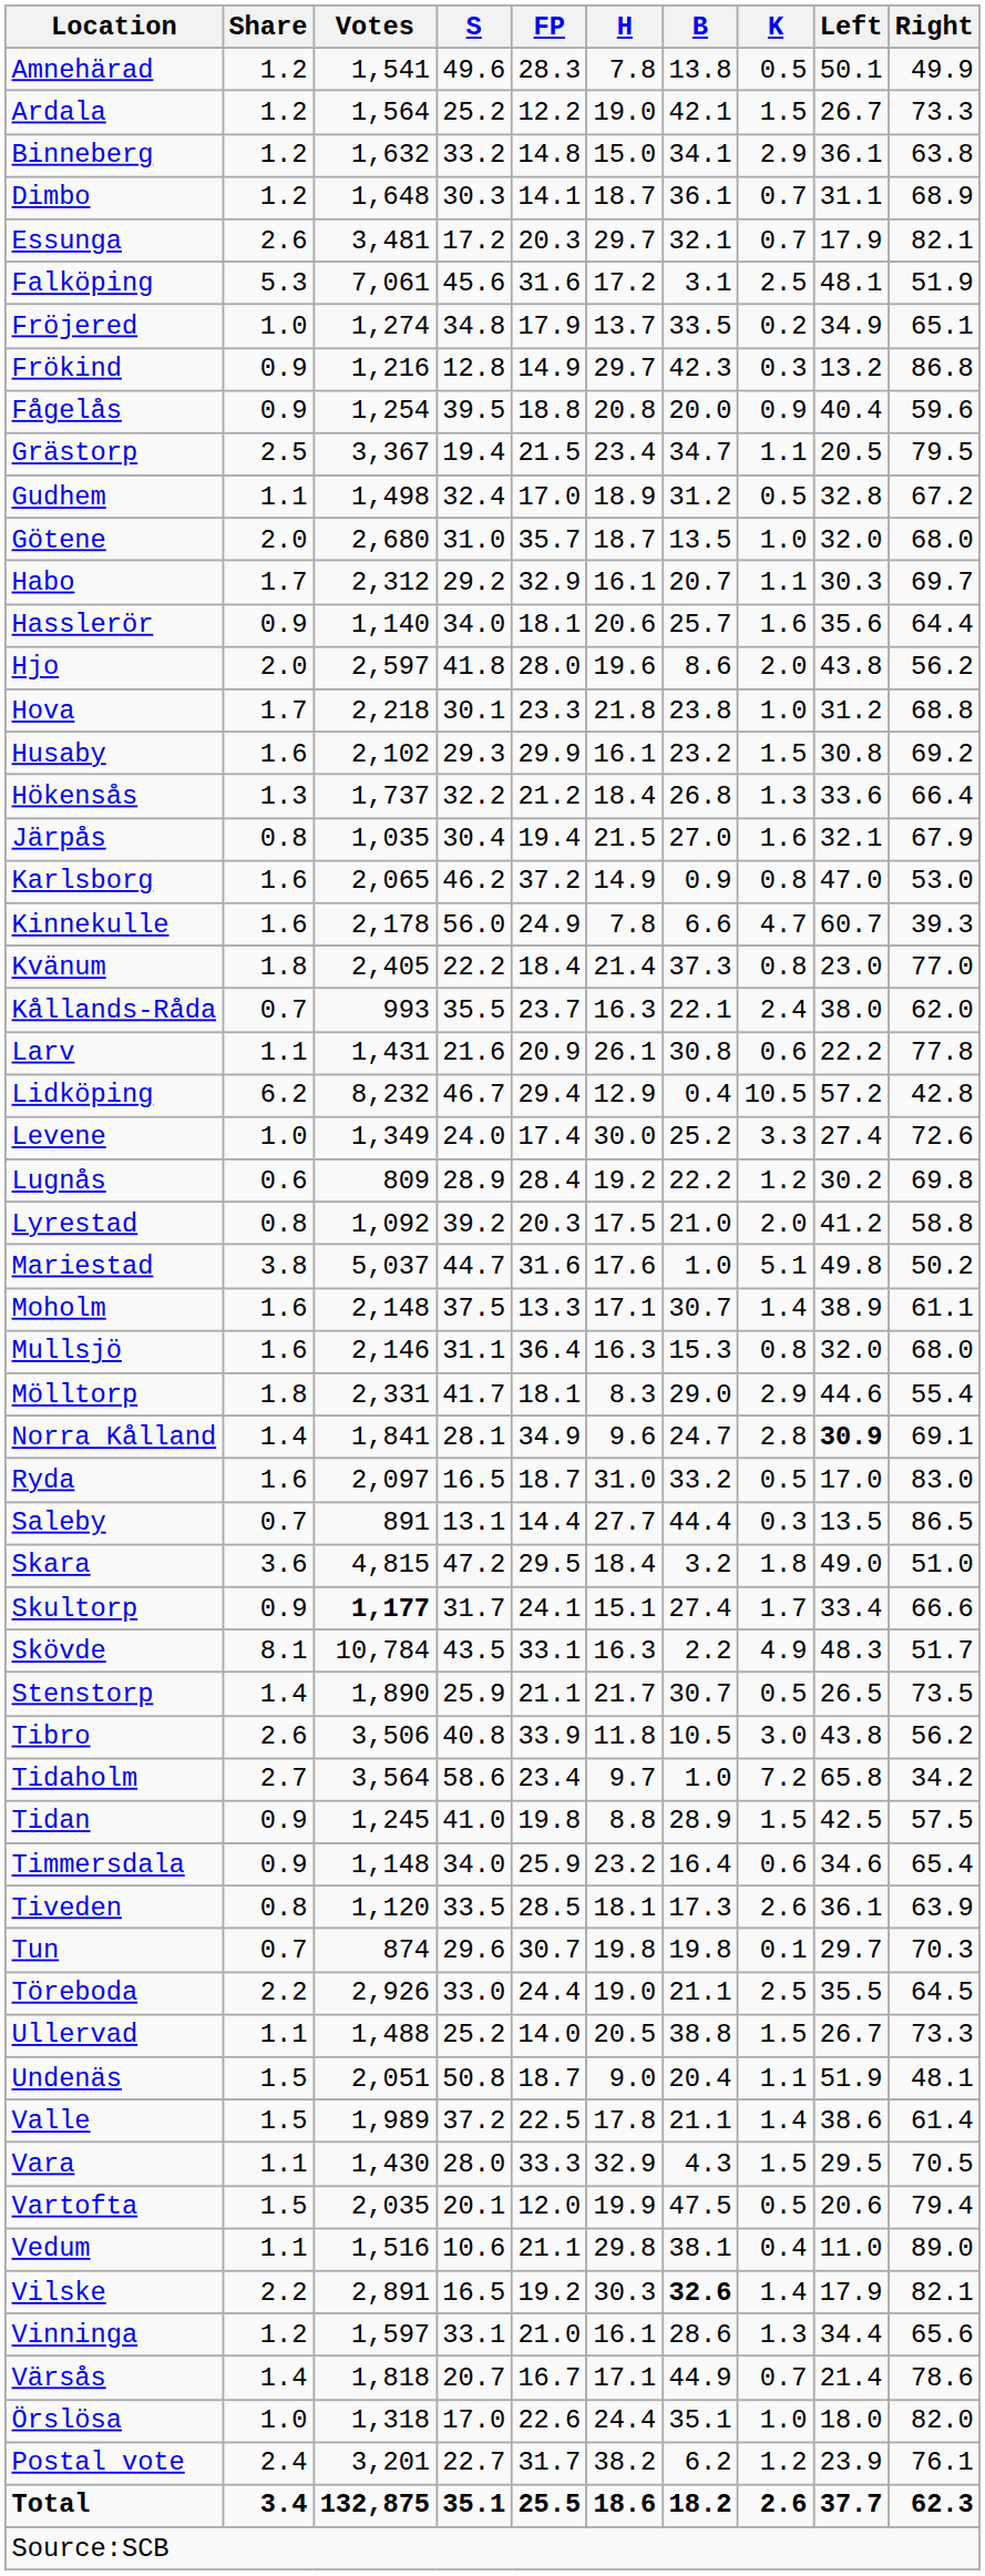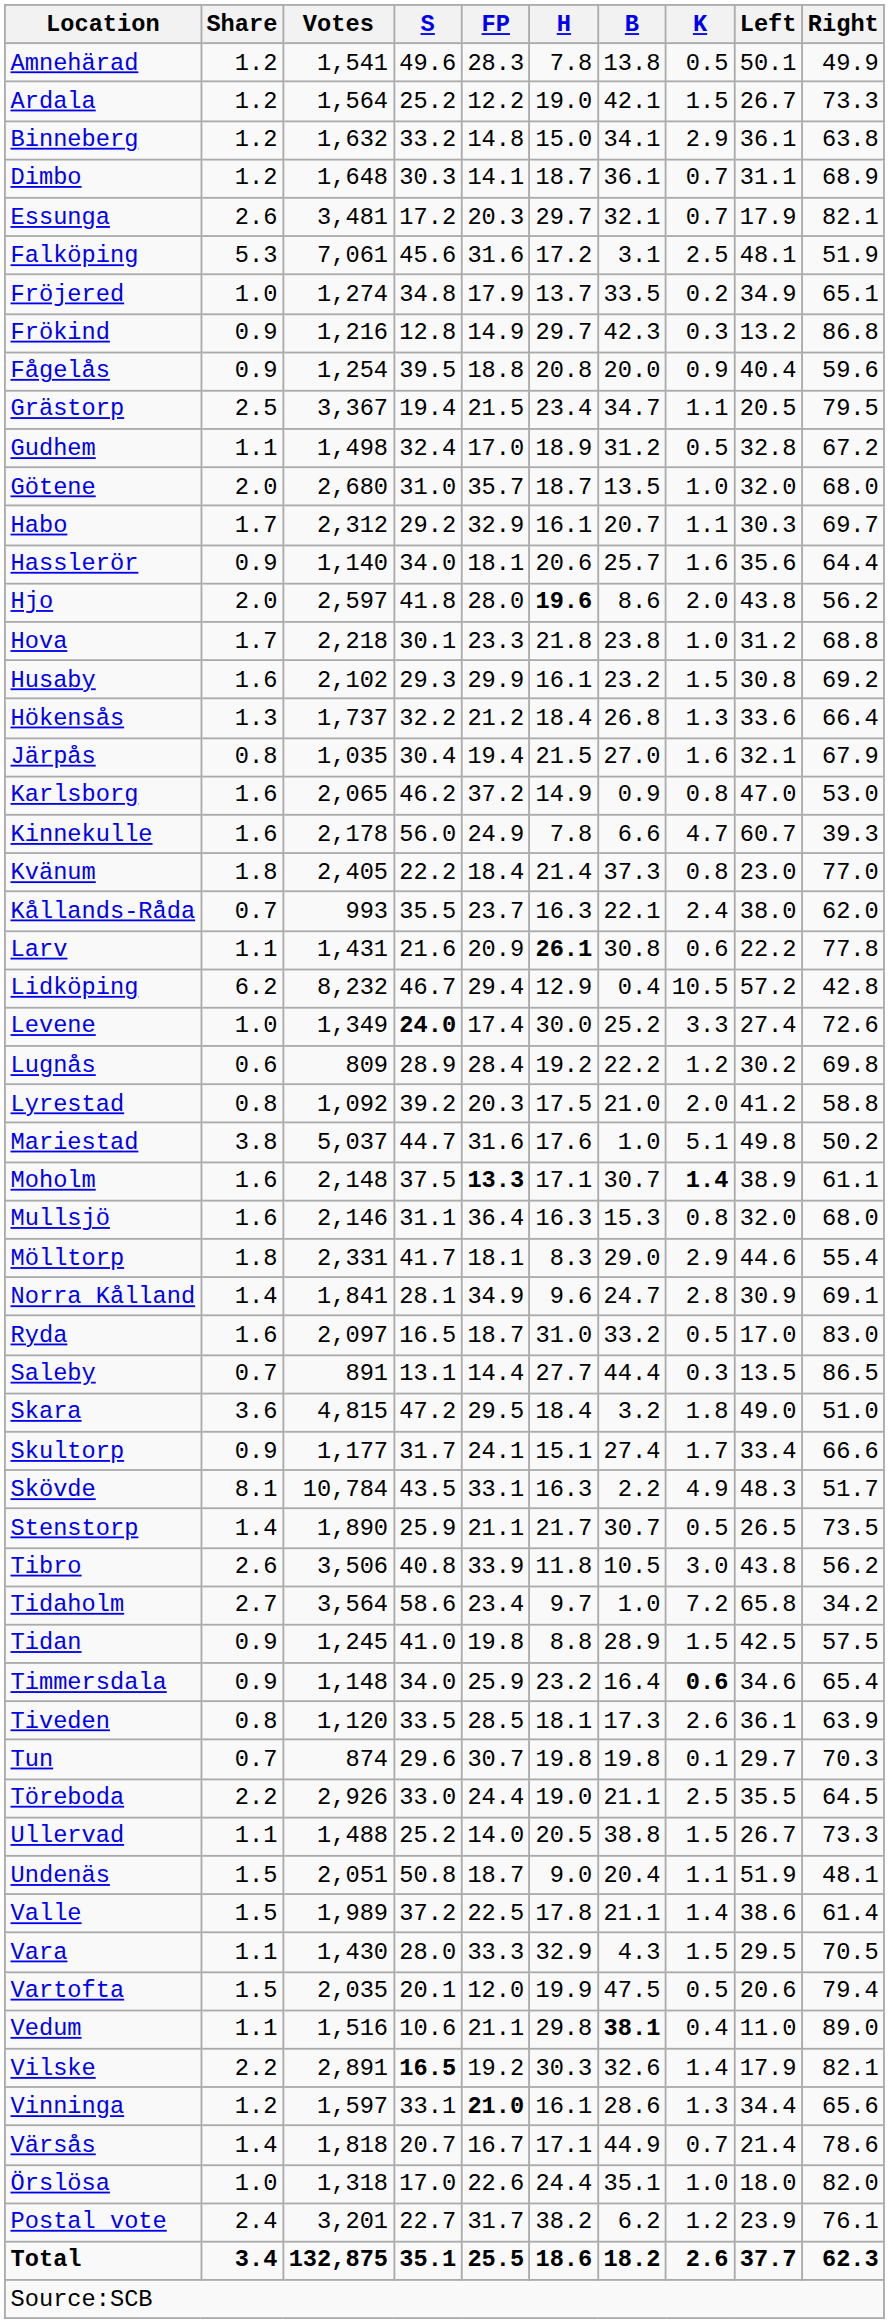 <table class="wikitable sortable" style=text-align:right>
 <tr>
 <th>Location</th>
 <th>Share</th>
 <th>Votes</th>
 <th><a href='#'>S</a></th>
 <th><a href='#'>FP</a></th>
 <th><a href='#'>H</a></th>
 <th><a href='#'>B</a></th>
 <th><a href='#'>K</a></th>
 <th>Left</th>
 <th>Right</th>
 </tr>
 <tr>
 <td align=left><a href='#'>Amnehärad</a></td>
 <td>1.2</td>
 <td>1,541</td>
 <td>49.6</td>
 <td>28.3</td>
 <td>7.8</td>
 <td>13.8</td>
 <td>0.5</td>
 <td>50.1</td>
 <td>49.9</td>
 </tr>
 <tr>
 <td align=left><a href='#'>Ardala</a></td>
 <td>1.2</td>
 <td>1,564</td>
 <td>25.2</td>
 <td>12.2</td>
 <td>19.0</td>
 <td>42.1</td>
 <td>1.5</td>
 <td>26.7</td>
 <td>73.3</td>
 </tr>
 <tr>
 <td align=left><a href='#'>Binneberg</a></td>
 <td>1.2</td>
 <td>1,632</td>
 <td>33.2</td>
 <td>14.8</td>
 <td>15.0</td>
 <td>34.1</td>
 <td>2.9</td>
 <td>36.1</td>
 <td>63.8</td>
 </tr>
 <tr>
 <td align=left><a href='#'>Dimbo</a></td>
 <td>1.2</td>
 <td>1,648</td>
 <td>30.3</td>
 <td>14.1</td>
 <td>18.7</td>
 <td>36.1</td>
 <td>0.7</td>
 <td>31.1</td>
 <td>68.9</td>
 </tr>
 <tr>
 <td align=left><a href='#'>Essunga</a></td>
 <td>2.6</td>
 <td>3,481</td>
 <td>17.2</td>
 <td>20.3</td>
 <td>29.7</td>
 <td>32.1</td>
 <td>0.7</td>
 <td>17.9</td>
 <td>82.1</td>
 </tr>
 <tr>
 <td align=left><a href='#'>Falköping</a></td>
 <td>5.3</td>
 <td>7,061</td>
 <td>45.6</td>
 <td>31.6</td>
 <td>17.2</td>
 <td>3.1</td>
 <td>2.5</td>
 <td>48.1</td>
 <td>51.9</td>
 </tr>
 <tr>
 <td align=left><a href='#'>Fröjered</a></td>
 <td>1.0</td>
 <td>1,274</td>
 <td>34.8</td>
 <td>17.9</td>
 <td>13.7</td>
 <td>33.5</td>
 <td>0.2</td>
 <td>34.9</td>
 <td>65.1</td>
 </tr>
 <tr>
 <td align=left><a href='#'>Frökind</a></td>
 <td>0.9</td>
 <td>1,216</td>
 <td>12.8</td>
 <td>14.9</td>
 <td>29.7</td>
 <td>42.3</td>
 <td>0.3</td>
 <td>13.2</td>
 <td>86.8</td>
 </tr>
 <tr>
 <td align=left><a href='#'>Fågelås</a></td>
 <td>0.9</td>
 <td>1,254</td>
 <td>39.5</td>
 <td>18.8</td>
 <td>20.8</td>
 <td>20.0</td>
 <td>0.9</td>
 <td>40.4</td>
 <td>59.6</td>
 </tr>
 <tr>
 <td align=left><a href='#'>Grästorp</a></td>
 <td>2.5</td>
 <td>3,367</td>
 <td>19.4</td>
 <td>21.5</td>
 <td>23.4</td>
 <td>34.7</td>
 <td>1.1</td>
 <td>20.5</td>
 <td>79.5</td>
 </tr>
 <tr>
 <td align=left><a href='#'>Gudhem</a></td>
 <td>1.1</td>
 <td>1,498</td>
 <td>32.4</td>
 <td>17.0</td>
 <td>18.9</td>
 <td>31.2</td>
 <td>0.5</td>
 <td>32.8</td>
 <td>67.2</td>
 </tr>
 <tr>
 <td align=left><a href='#'>Götene</a></td>
 <td>2.0</td>
 <td>2,680</td>
 <td>31.0</td>
 <td>35.7</td>
 <td>18.7</td>
 <td>13.5</td>
 <td>1.0</td>
 <td>32.0</td>
 <td>68.0</td>
 </tr>
 <tr>
 <td align=left><a href='#'>Habo</a></td>
 <td>1.7</td>
 <td>2,312</td>
 <td>29.2</td>
 <td>32.9</td>
 <td>16.1</td>
 <td>20.7</td>
 <td>1.1</td>
 <td>30.3</td>
 <td>69.7</td>
 </tr>
 <tr>
 <td align=left><a href='#'>Hasslerör</a></td>
 <td>0.9</td>
 <td>1,140</td>
 <td>34.0</td>
 <td>18.1</td>
 <td>20.6</td>
 <td>25.7</td>
 <td>1.6</td>
 <td>35.6</td>
 <td>64.4</td>
 </tr>
 <tr>
 <td align=left><a href='#'>Hjo</a></td>
 <td>2.0</td>
 <td>2,597</td>
 <td>41.8</td>
 <td>28.0</td>
-<td>19.6</td>
+<td><strong>19.6</strong></td>
 <td>8.6</td>
 <td>2.0</td>
 <td>43.8</td>
 <td>56.2</td>
 </tr>
 <tr>
 <td align=left><a href='#'>Hova</a></td>
 <td>1.7</td>
 <td>2,218</td>
 <td>30.1</td>
 <td>23.3</td>
 <td>21.8</td>
 <td>23.8</td>
 <td>1.0</td>
 <td>31.2</td>
 <td>68.8</td>
 </tr>
 <tr>
 <td align=left><a href='#'>Husaby</a></td>
 <td>1.6</td>
 <td>2,102</td>
 <td>29.3</td>
 <td>29.9</td>
 <td>16.1</td>
 <td>23.2</td>
 <td>1.5</td>
 <td>30.8</td>
 <td>69.2</td>
 </tr>
 <tr>
 <td align=left><a href='#'>Hökensås</a></td>
 <td>1.3</td>
 <td>1,737</td>
 <td>32.2</td>
 <td>21.2</td>
 <td>18.4</td>
 <td>26.8</td>
 <td>1.3</td>
 <td>33.6</td>
 <td>66.4</td>
 </tr>
 <tr>
 <td align=left><a href='#'>Järpås</a></td>
 <td>0.8</td>
 <td>1,035</td>
 <td>30.4</td>
 <td>19.4</td>
 <td>21.5</td>
 <td>27.0</td>
 <td>1.6</td>
 <td>32.1</td>
 <td>67.9</td>
 </tr>
 <tr>
 <td align=left><a href='#'>Karlsborg</a></td>
 <td>1.6</td>
 <td>2,065</td>
 <td>46.2</td>
 <td>37.2</td>
 <td>14.9</td>
 <td>0.9</td>
 <td>0.8</td>
 <td>47.0</td>
 <td>53.0</td>
 </tr>
 <tr>
 <td align=left><a href='#'>Kinnekulle</a></td>
 <td>1.6</td>
 <td>2,178</td>
 <td>56.0</td>
 <td>24.9</td>
 <td>7.8</td>
 <td>6.6</td>
 <td>4.7</td>
 <td>60.7</td>
 <td>39.3</td>
 </tr>
 <tr>
 <td align=left><a href='#'>Kvänum</a></td>
 <td>1.8</td>
 <td>2,405</td>
 <td>22.2</td>
 <td>18.4</td>
 <td>21.4</td>
 <td>37.3</td>
 <td>0.8</td>
 <td>23.0</td>
 <td>77.0</td>
 </tr>
 <tr>
 <td align=left><a href='#'>Kållands-Råda</a></td>
 <td>0.7</td>
 <td>993</td>
 <td>35.5</td>
 <td>23.7</td>
 <td>16.3</td>
 <td>22.1</td>
 <td>2.4</td>
 <td>38.0</td>
 <td>62.0</td>
 </tr>
 <tr>
 <td align=left><a href='#'>Larv</a></td>
 <td>1.1</td>
 <td>1,431</td>
 <td>21.6</td>
 <td>20.9</td>
-<td>26.1</td>
+<td><strong>26.1</strong></td>
 <td>30.8</td>
 <td>0.6</td>
 <td>22.2</td>
 <td>77.8</td>
 </tr>
 <tr>
 <td align=left><a href='#'>Lidköping</a></td>
 <td>6.2</td>
 <td>8,232</td>
 <td>46.7</td>
 <td>29.4</td>
 <td>12.9</td>
 <td>0.4</td>
 <td>10.5</td>
 <td>57.2</td>
 <td>42.8</td>
 </tr>
 <tr>
 <td align=left><a href='#'>Levene</a></td>
 <td>1.0</td>
 <td>1,349</td>
-<td>24.0</td>
+<td><strong>24.0</strong></td>
 <td>17.4</td>
 <td>30.0</td>
 <td>25.2</td>
 <td>3.3</td>
 <td>27.4</td>
 <td>72.6</td>
 </tr>
 <tr>
 <td align=left><a href='#'>Lugnås</a></td>
 <td>0.6</td>
 <td>809</td>
 <td>28.9</td>
 <td>28.4</td>
 <td>19.2</td>
 <td>22.2</td>
 <td>1.2</td>
 <td>30.2</td>
 <td>69.8</td>
 </tr>
 <tr>
 <td align=left><a href='#'>Lyrestad</a></td>
 <td>0.8</td>
 <td>1,092</td>
 <td>39.2</td>
 <td>20.3</td>
 <td>17.5</td>
 <td>21.0</td>
 <td>2.0</td>
 <td>41.2</td>
 <td>58.8</td>
 </tr>
 <tr>
 <td align=left><a href='#'>Mariestad</a></td>
 <td>3.8</td>
 <td>5,037</td>
 <td>44.7</td>
 <td>31.6</td>
 <td>17.6</td>
 <td>1.0</td>
 <td>5.1</td>
 <td>49.8</td>
 <td>50.2</td>
 </tr>
 <tr>
 <td align=left><a href='#'>Moholm</a></td>
 <td>1.6</td>
 <td>2,148</td>
 <td>37.5</td>
-<td>13.3</td>
+<td><strong>13.3</strong></td>
 <td>17.1</td>
 <td>30.7</td>
-<td>1.4</td>
+<td><strong>1.4</strong></td>
 <td>38.9</td>
 <td>61.1</td>
 </tr>
 <tr>
 <td align=left><a href='#'>Mullsjö</a></td>
 <td>1.6</td>
 <td>2,146</td>
 <td>31.1</td>
 <td>36.4</td>
 <td>16.3</td>
 <td>15.3</td>
 <td>0.8</td>
 <td>32.0</td>
 <td>68.0</td>
 </tr>
 <tr>
 <td align=left><a href='#'>Mölltorp</a></td>
 <td>1.8</td>
 <td>2,331</td>
 <td>41.7</td>
 <td>18.1</td>
 <td>8.3</td>
 <td>29.0</td>
 <td>2.9</td>
 <td>44.6</td>
 <td>55.4</td>
 </tr>
 <tr>
 <td align=left><a href='#'>Norra Kålland</a></td>
 <td>1.4</td>
 <td>1,841</td>
 <td>28.1</td>
 <td>34.9</td>
 <td>9.6</td>
 <td>24.7</td>
 <td>2.8</td>
-<td><strong>30.9</strong></td>
+<td>30.9</td>
 <td>69.1</td>
 </tr>
 <tr>
 <td align=left><a href='#'>Ryda</a></td>
 <td>1.6</td>
 <td>2,097</td>
 <td>16.5</td>
 <td>18.7</td>
 <td>31.0</td>
 <td>33.2</td>
 <td>0.5</td>
 <td>17.0</td>
 <td>83.0</td>
 </tr>
 <tr>
 <td align=left><a href='#'>Saleby</a></td>
 <td>0.7</td>
 <td>891</td>
 <td>13.1</td>
 <td>14.4</td>
 <td>27.7</td>
 <td>44.4</td>
 <td>0.3</td>
 <td>13.5</td>
 <td>86.5</td>
 </tr>
 <tr>
 <td align=left><a href='#'>Skara</a></td>
 <td>3.6</td>
 <td>4,815</td>
 <td>47.2</td>
 <td>29.5</td>
 <td>18.4</td>
 <td>3.2</td>
 <td>1.8</td>
 <td>49.0</td>
 <td>51.0</td>
 </tr>
 <tr>
 <td align=left><a href='#'>Skultorp</a></td>
 <td>0.9</td>
-<td><strong>1,177</strong></td>
+<td>1,177</td>
 <td>31.7</td>
 <td>24.1</td>
 <td>15.1</td>
 <td>27.4</td>
 <td>1.7</td>
 <td>33.4</td>
 <td>66.6</td>
 </tr>
 <tr>
 <td align=left><a href='#'>Skövde</a></td>
 <td>8.1</td>
 <td>10,784</td>
 <td>43.5</td>
 <td>33.1</td>
 <td>16.3</td>
 <td>2.2</td>
 <td>4.9</td>
 <td>48.3</td>
 <td>51.7</td>
 </tr>
 <tr>
 <td align=left><a href='#'>Stenstorp</a></td>
 <td>1.4</td>
 <td>1,890</td>
 <td>25.9</td>
 <td>21.1</td>
 <td>21.7</td>
 <td>30.7</td>
 <td>0.5</td>
 <td>26.5</td>
 <td>73.5</td>
 </tr>
 <tr>
 <td align=left><a href='#'>Tibro</a></td>
 <td>2.6</td>
 <td>3,506</td>
 <td>40.8</td>
 <td>33.9</td>
 <td>11.8</td>
 <td>10.5</td>
 <td>3.0</td>
 <td>43.8</td>
 <td>56.2</td>
 </tr>
 <tr>
 <td align=left><a href='#'>Tidaholm</a></td>
 <td>2.7</td>
 <td>3,564</td>
 <td>58.6</td>
 <td>23.4</td>
 <td>9.7</td>
 <td>1.0</td>
 <td>7.2</td>
 <td>65.8</td>
 <td>34.2</td>
 </tr>
 <tr>
 <td align=left><a href='#'>Tidan</a></td>
 <td>0.9</td>
 <td>1,245</td>
 <td>41.0</td>
 <td>19.8</td>
 <td>8.8</td>
 <td>28.9</td>
 <td>1.5</td>
 <td>42.5</td>
 <td>57.5</td>
 </tr>
 <tr>
 <td align=left><a href='#'>Timmersdala</a></td>
 <td>0.9</td>
 <td>1,148</td>
 <td>34.0</td>
 <td>25.9</td>
 <td>23.2</td>
 <td>16.4</td>
-<td>0.6</td>
+<td><strong>0.6</strong></td>
 <td>34.6</td>
 <td>65.4</td>
 </tr>
 <tr>
 <td align=left><a href='#'>Tiveden</a></td>
 <td>0.8</td>
 <td>1,120</td>
 <td>33.5</td>
 <td>28.5</td>
 <td>18.1</td>
 <td>17.3</td>
 <td>2.6</td>
 <td>36.1</td>
 <td>63.9</td>
 </tr>
 <tr>
 <td align=left><a href='#'>Tun</a></td>
 <td>0.7</td>
 <td>874</td>
 <td>29.6</td>
 <td>30.7</td>
 <td>19.8</td>
 <td>19.8</td>
 <td>0.1</td>
 <td>29.7</td>
 <td>70.3</td>
 </tr>
 <tr>
 <td align=left><a href='#'>Töreboda</a></td>
 <td>2.2</td>
 <td>2,926</td>
 <td>33.0</td>
 <td>24.4</td>
 <td>19.0</td>
 <td>21.1</td>
 <td>2.5</td>
 <td>35.5</td>
 <td>64.5</td>
 </tr>
 <tr>
 <td align=left><a href='#'>Ullervad</a></td>
 <td>1.1</td>
 <td>1,488</td>
 <td>25.2</td>
 <td>14.0</td>
 <td>20.5</td>
 <td>38.8</td>
 <td>1.5</td>
 <td>26.7</td>
 <td>73.3</td>
 </tr>
 <tr>
 <td align=left><a href='#'>Undenäs</a></td>
 <td>1.5</td>
 <td>2,051</td>
 <td>50.8</td>
 <td>18.7</td>
 <td>9.0</td>
 <td>20.4</td>
 <td>1.1</td>
 <td>51.9</td>
 <td>48.1</td>
 </tr>
 <tr>
 <td align=left><a href='#'>Valle</a></td>
 <td>1.5</td>
 <td>1,989</td>
 <td>37.2</td>
 <td>22.5</td>
 <td>17.8</td>
 <td>21.1</td>
 <td>1.4</td>
 <td>38.6</td>
 <td>61.4</td>
 </tr>
 <tr>
 <td align=left><a href='#'>Vara</a></td>
 <td>1.1</td>
 <td>1,430</td>
 <td>28.0</td>
 <td>33.3</td>
 <td>32.9</td>
 <td>4.3</td>
 <td>1.5</td>
 <td>29.5</td>
 <td>70.5</td>
 </tr>
 <tr>
 <td align=left><a href='#'>Vartofta</a></td>
 <td>1.5</td>
 <td>2,035</td>
 <td>20.1</td>
 <td>12.0</td>
 <td>19.9</td>
 <td>47.5</td>
 <td>0.5</td>
 <td>20.6</td>
 <td>79.4</td>
 </tr>
 <tr>
 <td align=left><a href='#'>Vedum</a></td>
 <td>1.1</td>
 <td>1,516</td>
 <td>10.6</td>
 <td>21.1</td>
 <td>29.8</td>
-<td>38.1</td>
+<td><strong>38.1</strong></td>
 <td>0.4</td>
 <td>11.0</td>
 <td>89.0</td>
 </tr>
 <tr>
 <td align=left><a href='#'>Vilske</a></td>
 <td>2.2</td>
 <td>2,891</td>
-<td>16.5</td>
+<td><strong>16.5</strong></td>
 <td>19.2</td>
 <td>30.3</td>
-<td><strong>32.6</strong></td>
+<td>32.6</td>
 <td>1.4</td>
 <td>17.9</td>
 <td>82.1</td>
 </tr>
 <tr>
 <td align=left><a href='#'>Vinninga</a></td>
 <td>1.2</td>
 <td>1,597</td>
 <td>33.1</td>
-<td>21.0</td>
+<td><strong>21.0</strong></td>
 <td>16.1</td>
 <td>28.6</td>
 <td>1.3</td>
 <td>34.4</td>
 <td>65.6</td>
 </tr>
 <tr>
 <td align=left><a href='#'>Värsås</a></td>
 <td>1.4</td>
 <td>1,818</td>
 <td>20.7</td>
 <td>16.7</td>
 <td>17.1</td>
 <td>44.9</td>
 <td>0.7</td>
 <td>21.4</td>
 <td>78.6</td>
 </tr>
 <tr>
 <td align=left><a href='#'>Örslösa</a></td>
 <td>1.0</td>
 <td>1,318</td>
 <td>17.0</td>
 <td>22.6</td>
 <td>24.4</td>
 <td>35.1</td>
 <td>1.0</td>
 <td>18.0</td>
 <td>82.0</td>
 </tr>
 <tr>
 <td align=left><a href='#'>Postal vote</a></td>
 <td>2.4</td>
 <td>3,201</td>
 <td>22.7</td>
 <td>31.7</td>
 <td>38.2</td>
 <td>6.2</td>
 <td>1.2</td>
 <td>23.9</td>
 <td>76.1</td>
 </tr>
 <tr>
 <td align=left><strong>Total</strong></td>
 <td><strong>3.4</strong></td>
 <td><strong>132,875</strong></td>
 <td><strong>35.1</strong></td>
 <td><strong>25.5</strong></td>
 <td><strong>18.6</strong></td>
 <td><strong>18.2</strong></td>
 <td><strong>2.6</strong></td>
 <td><strong>37.7</strong></td>
 <td><strong>62.3</strong></td>
 </tr>
 <tr>
 <td align=left colspan=10>Source:SCB </td>
 </tr>
 </table>
